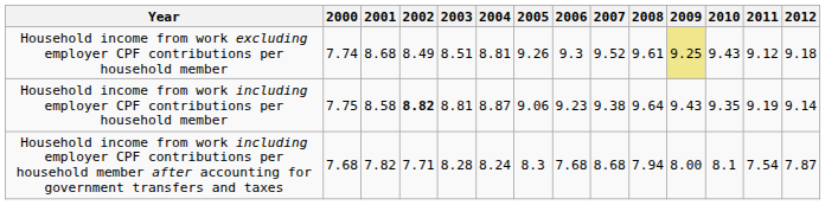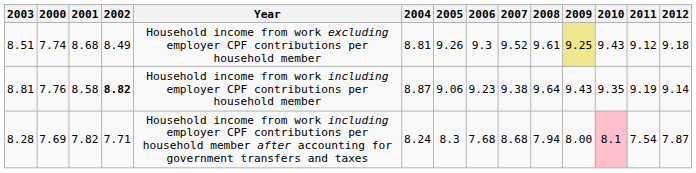 <table class="wikitable" style="text-align:center; width:800px;">
 <tr>
-<th>Year</th>
+<th>2003</th>
 <th>2000</th>
 <th>2001</th>
 <th>2002</th>
-<th>2003</th>
+<th>Year</th>
 <th>2004</th>
 <th>2005</th>
 <th>2006</th>
 <th>2007</th>
 <th>2008</th>
 <th>2009</th>
 <th>2010</th>
 <th>2011</th>
 <th>2012</th>
 </tr>
 <tr>
-<td>Household income from work <em>excluding</em> employer CPF contributions per household member</td>
+<td>8.51</td>
 <td>7.74</td>
 <td>8.68</td>
 <td>8.49</td>
-<td>8.51</td>
+<td>Household income from work <em>excluding</em> employer CPF contributions per household member</td>
 <td>8.81</td>
 <td>9.26</td>
 <td>9.3</td>
 <td>9.52</td>
 <td>9.61</td>
 <td style="background: khaki;">9.25</td>
 <td>9.43</td>
 <td>9.12</td>
 <td>9.18</td>
 </tr>
 <tr>
-<td>Household income from work <em>including</em> employer CPF contributions per household member</td>
-<td>7.75</td>
+<td>8.81</td>
+<td>7.76</td>
 <td>8.58</td>
 <td><strong>8.82</strong></td>
-<td>8.81</td>
+<td>Household income from work <em>including</em> employer CPF contributions per household member</td>
 <td>8.87</td>
 <td>9.06</td>
 <td>9.23</td>
 <td>9.38</td>
 <td>9.64</td>
 <td>9.43</td>
 <td>9.35</td>
 <td>9.19</td>
 <td>9.14</td>
 </tr>
 <tr>
-<td>Household income from work <em>including</em> employer CPF contributions per household member <em>after</em> accounting for government transfers and taxes</td>
-<td>7.68</td>
+<td>8.28</td>
+<td>7.69</td>
 <td>7.82</td>
 <td>7.71</td>
-<td>8.28</td>
+<td>Household income from work <em>including</em> employer CPF contributions per household member <em>after</em> accounting for government transfers and taxes</td>
 <td>8.24</td>
 <td>8.3</td>
 <td>7.68</td>
 <td>8.68</td>
 <td>7.94</td>
 <td>8.00</td>
-<td>8.1</td>
+<td style="background: pink;">8.1</td>
 <td>7.54</td>
 <td>7.87</td>
 </tr>
 </table>
